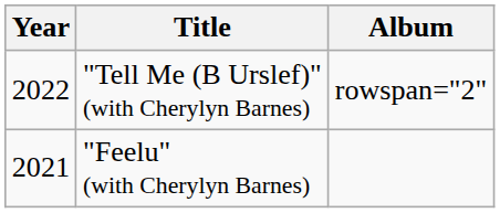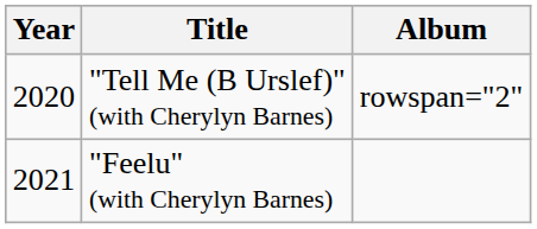 <table class="wikitable plainrowheaders">
 <tr>
 <th>Year</th>
 <th>Title</th>
 <th>Album</th>
 </tr>
 <tr>
-<td>2022</td>
+<td>2020</td>
 <td scope="row">"Tell Me (B Urslef)"<br><small>(with Cherylyn Barnes)</small></td>
 <td>rowspan="2" </td>
 </tr>
 <tr>
 <td>2021</td>
 <td scope="row">"Feelu"<br><small>(with Cherylyn Barnes)</small></td>
 </tr>
 </table>
